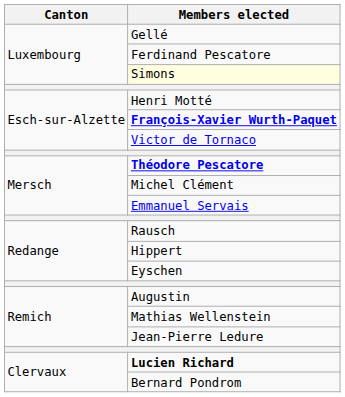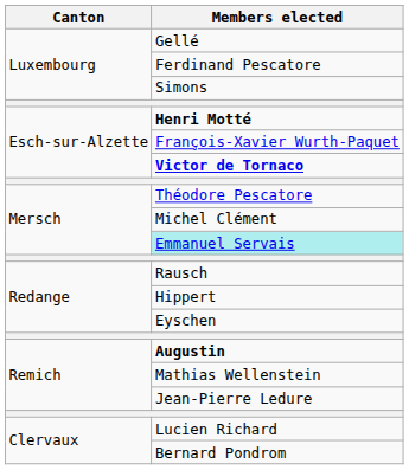 <table class=wikitable>
 <tr>
 <th>Canton</th>
 <th>Members elected</th>
 </tr>
 <tr>
 <td rowspan="3">Luxembourg</td>
 <td>Gellé</td>
 </tr>
 <tr>
 <td>Ferdinand Pescatore</td>
 </tr>
 <tr>
-<td style="background: lightyellow;">Simons</td>
+<td>Simons</td>
 </tr>
 <tr>
 <th colspan="2"></th>
 </tr>
 <tr>
 <td rowspan="3">Esch-sur-Alzette</td>
-<td>Henri Motté</td>
+<td><strong>Henri Motté</strong></td>
 </tr>
 <tr>
-<td><strong><a href='#'>François-Xavier Wurth-Paquet</a></strong></td>
+<td><a href='#'>François-Xavier Wurth-Paquet</a></td>
 </tr>
 <tr>
-<td><a href='#'>Victor de Tornaco</a></td>
+<td><strong><a href='#'>Victor de Tornaco</a></strong></td>
 </tr>
 <tr>
 <th colspan="2"></th>
 </tr>
 <tr>
 <td rowspan="3">Mersch</td>
-<td><strong><a href='#'>Théodore Pescatore</a></strong></td>
+<td><a href='#'>Théodore Pescatore</a></td>
 </tr>
 <tr>
 <td>Michel Clément</td>
 </tr>
 <tr>
-<td><a href='#'>Emmanuel Servais</a></td>
+<td style="background: paleturquoise;"><a href='#'>Emmanuel Servais</a></td>
 </tr>
 <tr>
 <th colspan="2"></th>
 </tr>
 <tr>
 <td rowspan="3">Redange</td>
 <td>Rausch</td>
 </tr>
 <tr>
 <td>Hippert</td>
 </tr>
 <tr>
 <td>Eyschen</td>
 </tr>
 <tr>
 <th colspan="2"></th>
 </tr>
 <tr>
 <td rowspan="3">Remich</td>
-<td>Augustin</td>
+<td><strong>Augustin</strong></td>
 </tr>
 <tr>
 <td>Mathias Wellenstein</td>
 </tr>
 <tr>
 <td>Jean-Pierre Ledure</td>
 </tr>
 <tr>
 <th colspan="2"></th>
 </tr>
 <tr>
 <td rowspan="2">Clervaux</td>
-<td><strong>Lucien Richard</strong></td>
+<td>Lucien Richard</td>
 </tr>
 <tr>
 <td>Bernard Pondrom</td>
 </tr>
 </table>
